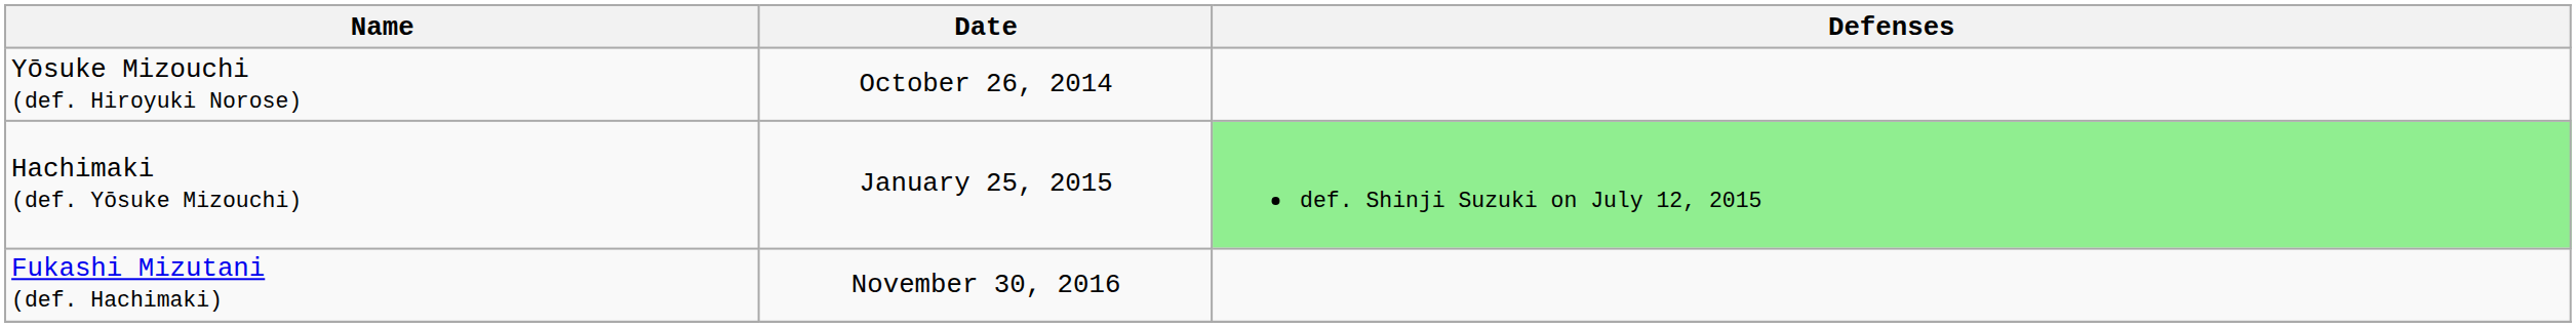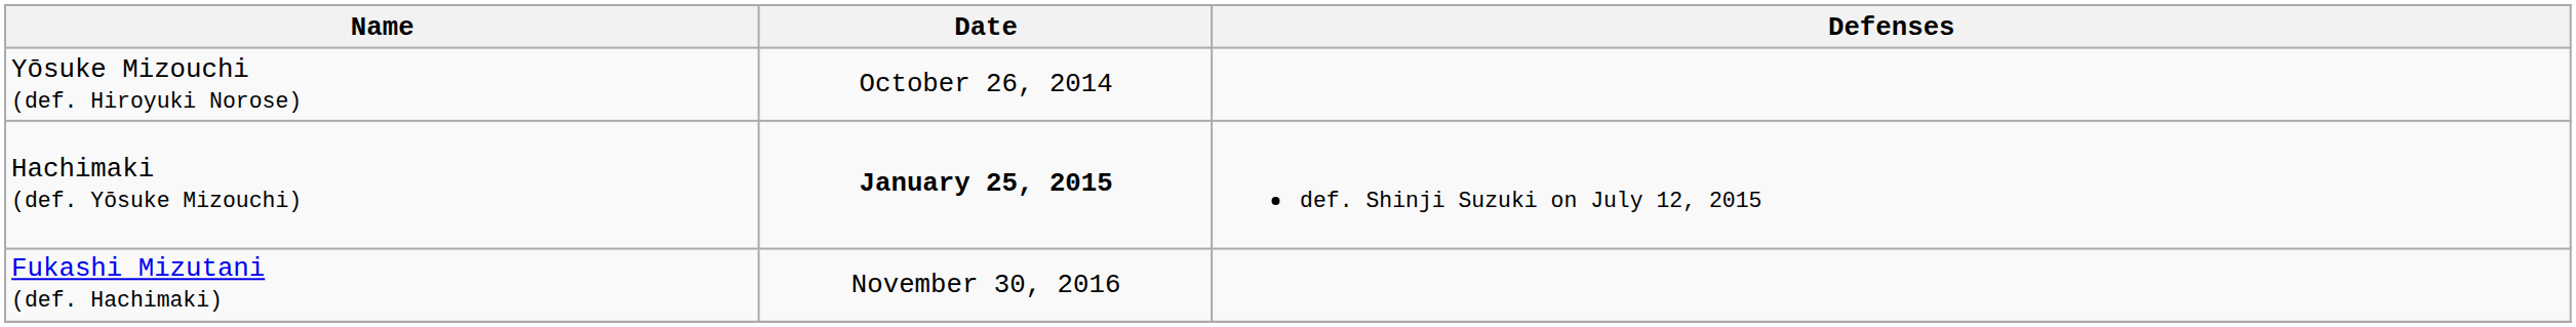 <table class="wikitable" width=100%>
 <tr>
 <th width=25%>Name</th>
 <th width=15%>Date</th>
 <th width=45%>Defenses</th>
 </tr>
 <tr>
 <td align=left> Yōsuke Mizouchi <br><small>(def. Hiroyuki Norose)</small></td>
 <td align=center>October 26, 2014</td>
 <td></td>
 </tr>
 <tr>
 <td align=left> Hachimaki <br><small>(def. Yōsuke Mizouchi)</small></td>
-<td align=center>January 25, 2015</td>
-<td style="background: lightgreen;"><br><ul><li><small>def. Shinji Suzuki on July 12, 2015</small></li></ul></td>
+<td align=center><strong>January 25, 2015</strong></td>
+<td><br><ul><li><small>def. Shinji Suzuki on July 12, 2015</small></li></ul></td>
 </tr>
 <tr>
 <td align=left> <a href='#'>Fukashi Mizutani</a> <br><small>(def. Hachimaki)</small></td>
 <td align=center>November 30, 2016</td>
 <td></td>
 </tr>
 <tr>
 </tr>
 </table>
